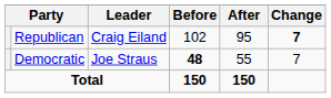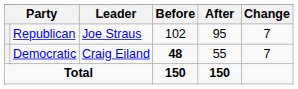 <table class="wikitable" style="text-align:center;">
 <tr>
 </tr>
 <tr>
 <th colspan=2>Party</th>
 <th>Leader</th>
 <th style="width:3em">Before</th>
 <th style="width:3em">After</th>
 <th style="width:3em">Change</th>
 </tr>
 <tr>
 <th style="background-color:"></th>
 <td style="text-align:left;"><a href='#'>Republican</a></td>
-<td style="text-align:left;"><a href='#'>Craig Eiland</a></td>
+<td style="text-align:left;"><a href='#'>Joe Straus</a></td>
 <td>102</td>
 <td>95</td>
-<td><strong> 7</strong></td>
+<td> 7</td>
 </tr>
 <tr>
 <th style="background-color:"></th>
 <td style="text-align:left;"><a href='#'>Democratic</a></td>
-<td style="text-align:left;"><a href='#'>Joe Straus</a></td>
+<td style="text-align:left;"><a href='#'>Craig Eiland</a></td>
 <td><strong>48</strong></td>
 <td>55</td>
 <td> 7</td>
 </tr>
 <tr>
 <td colspan=3><strong>Total</strong></td>
 <td><strong>150</strong></td>
 <td><strong>150</strong></td>
 <td></td>
 </tr>
 </table>
